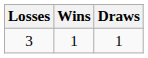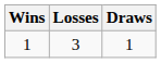 <table class="wikitable">
 <tr>
+<th>Wins</th>
 <th>Losses</th>
-<th>Wins</th>
 <th>Draws</th>
 </tr>
 <tr>
+<td align=center>1</td>
 <td align=center>3</td>
-<td align=center>1</td>
 <td align=center>1</td>
 </tr>
 </table>
